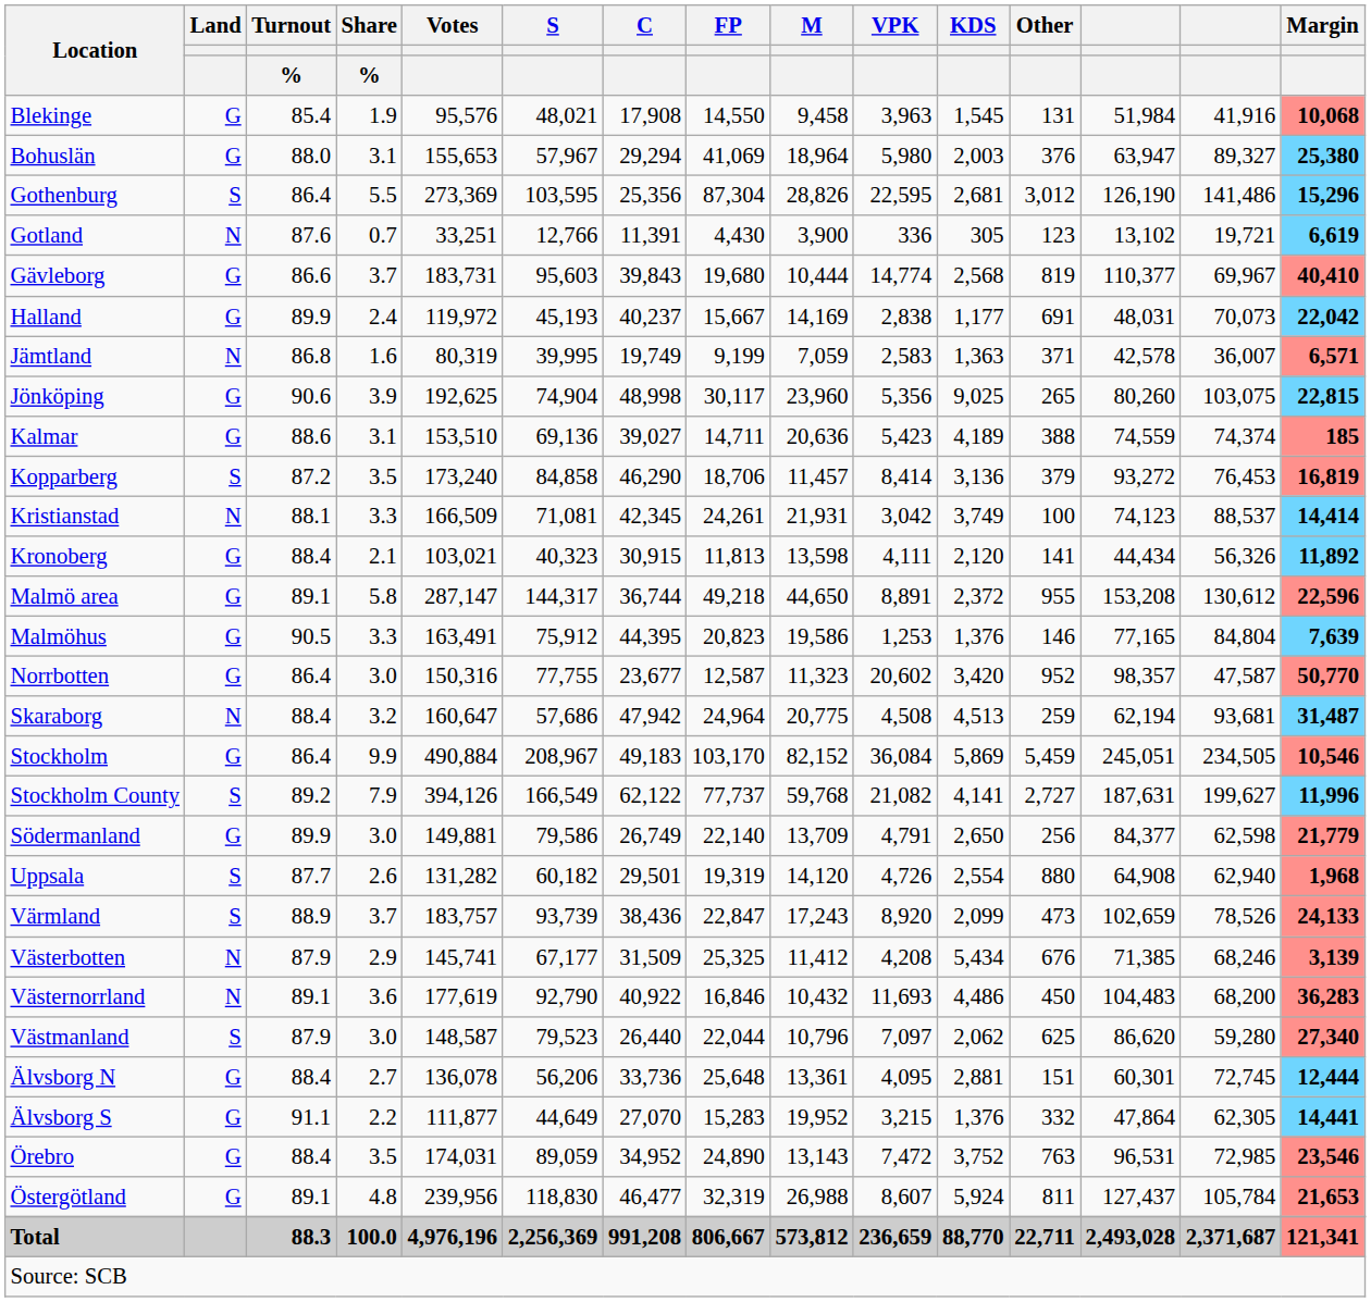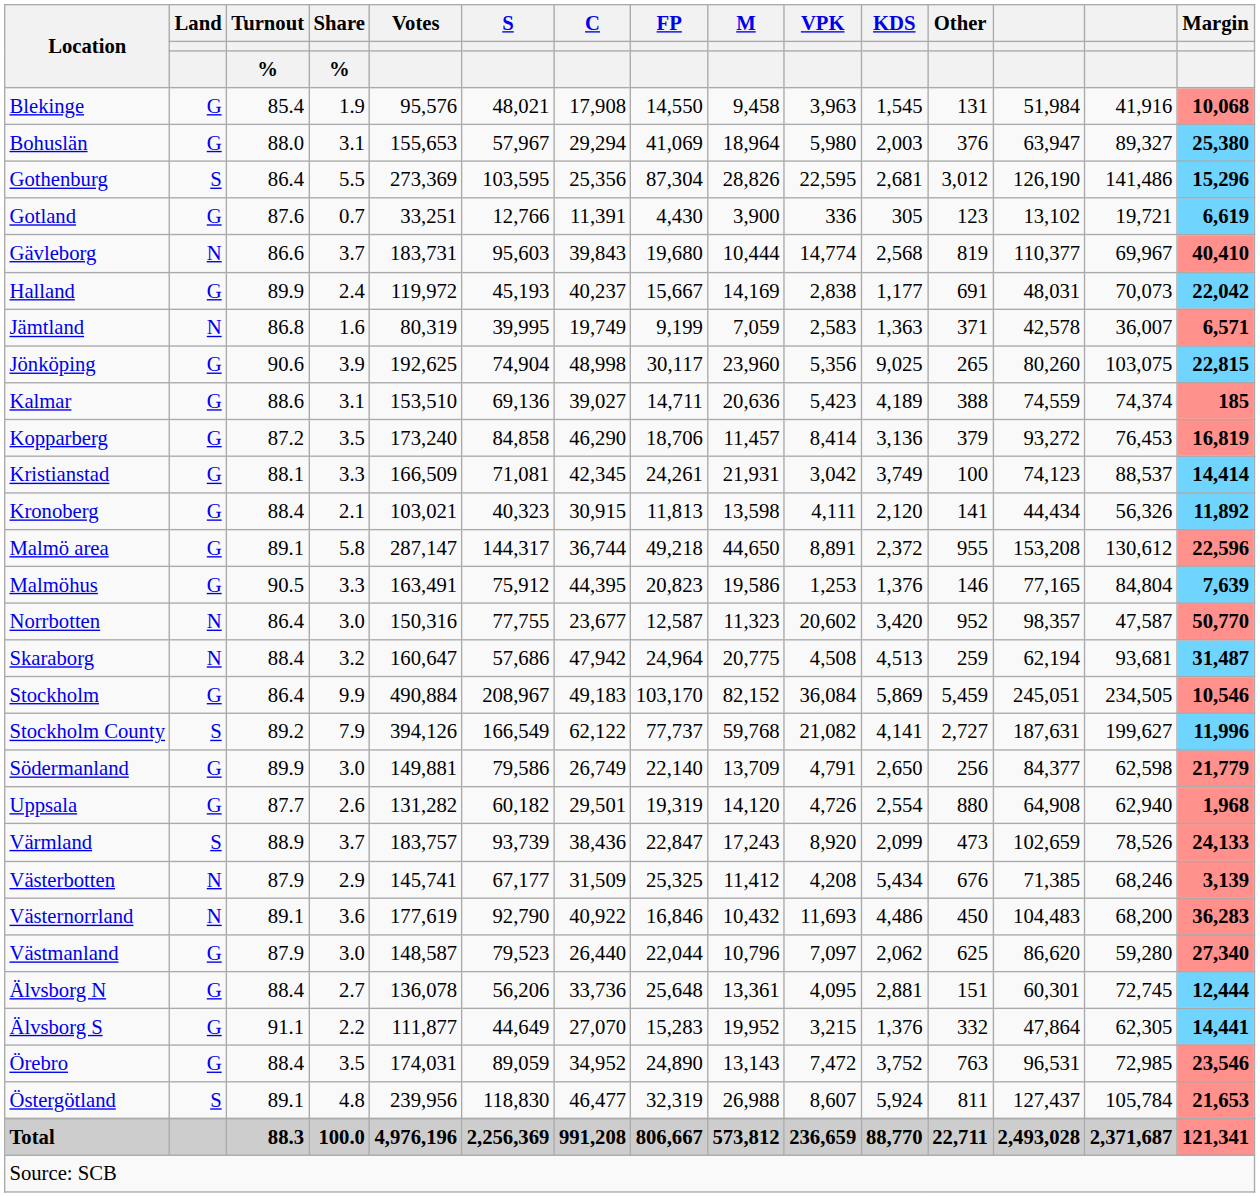 <table class="wikitable sortable" style="text-align:right; font-size:95%; line-height:20px;">
 <tr>
 <th rowspan="3">Location</th>
 <th>Land</th>
 <th>Turnout</th>
 <th>Share</th>
 <th>Votes</th>
 <th width="30px" class="unsortable"><a href='#'>S</a></th>
 <th width="30px" class="unsortable"><a href='#'>C</a></th>
 <th width="30px" class="unsortable"><a href='#'>FP</a></th>
 <th width="30px" class="unsortable"><a href='#'>M</a></th>
 <th width="30px" class="unsortable"><a href='#'>VPK</a></th>
 <th width="30px" class="unsortable"><a href='#'>KDS</a></th>
 <th width="30px" class="unsortable">Other</th>
 <th></th>
 <th></th>
 <th>Margin</th>
 </tr>
 <tr>
 <th></th>
 <th></th>
 <th></th>
 <th></th>
 <th style="background:"></th>
 <th style="background:"></th>
 <th style="background:"></th>
 <th style="background:"></th>
 <th style="background:"></th>
 <th style="background:"></th>
 <th style="background:"></th>
 <th style="background:"></th>
 <th style="background:"></th>
 <th></th>
 </tr>
 <tr>
 <th></th>
 <th data-sort-type="number">%</th>
 <th data-sort-type="number">%</th>
 <th></th>
 <th data-sort-type="number"></th>
 <th data-sort-type="number"></th>
 <th data-sort-type="number"></th>
 <th data-sort-type="number"></th>
 <th data-sort-type="number"></th>
 <th data-sort-type="number"></th>
 <th data-sort-type="number"></th>
 <th data-sort-type="number"></th>
 <th data-sort-type="number"></th>
 <th></th>
 </tr>
 <tr>
 <td align=left><a href='#'>Blekinge</a></td>
 <td><a href='#'>G</a></td>
 <td>85.4</td>
 <td>1.9</td>
 <td>95,576</td>
 <td>48,021</td>
 <td>17,908</td>
 <td>14,550</td>
 <td>9,458</td>
 <td>3,963</td>
 <td>1,545</td>
 <td>131</td>
 <td>51,984</td>
 <td>41,916</td>
 <td bgcolor=#ff908c><strong>10,068</strong></td>
 </tr>
 <tr>
 <td align=left><a href='#'>Bohuslän</a></td>
 <td><a href='#'>G</a></td>
 <td>88.0</td>
 <td>3.1</td>
 <td>155,653</td>
 <td>57,967</td>
 <td>29,294</td>
 <td>41,069</td>
 <td>18,964</td>
 <td>5,980</td>
 <td>2,003</td>
 <td>376</td>
 <td>63,947</td>
 <td>89,327</td>
 <td bgcolor=#6fd5fe><strong>25,380</strong></td>
 </tr>
 <tr>
 <td align=left><a href='#'>Gothenburg</a></td>
 <td><a href='#'>S</a></td>
 <td>86.4</td>
 <td>5.5</td>
 <td>273,369</td>
 <td>103,595</td>
 <td>25,356</td>
 <td>87,304</td>
 <td>28,826</td>
 <td>22,595</td>
 <td>2,681</td>
 <td>3,012</td>
 <td>126,190</td>
 <td>141,486</td>
 <td bgcolor=#6fd5fe><strong>15,296</strong></td>
 </tr>
 <tr>
 <td align=left><a href='#'>Gotland</a></td>
-<td><a href='#'>N</a></td>
+<td><a href='#'>G</a></td>
 <td>87.6</td>
 <td>0.7</td>
 <td>33,251</td>
 <td>12,766</td>
 <td>11,391</td>
 <td>4,430</td>
 <td>3,900</td>
 <td>336</td>
 <td>305</td>
 <td>123</td>
 <td>13,102</td>
 <td>19,721</td>
 <td bgcolor=#6fd5fe><strong>6,619</strong></td>
 </tr>
 <tr>
 <td align=left><a href='#'>Gävleborg</a></td>
-<td><a href='#'>G</a></td>
+<td><a href='#'>N</a></td>
 <td>86.6</td>
 <td>3.7</td>
 <td>183,731</td>
 <td>95,603</td>
 <td>39,843</td>
 <td>19,680</td>
 <td>10,444</td>
 <td>14,774</td>
 <td>2,568</td>
 <td>819</td>
 <td>110,377</td>
 <td>69,967</td>
 <td bgcolor=#ff908c><strong>40,410</strong></td>
 </tr>
 <tr>
 <td align=left><a href='#'>Halland</a></td>
 <td><a href='#'>G</a></td>
 <td>89.9</td>
 <td>2.4</td>
 <td>119,972</td>
 <td>45,193</td>
 <td>40,237</td>
 <td>15,667</td>
 <td>14,169</td>
 <td>2,838</td>
 <td>1,177</td>
 <td>691</td>
 <td>48,031</td>
 <td>70,073</td>
 <td bgcolor=#6fd5fe><strong>22,042</strong></td>
 </tr>
 <tr>
 <td align=left><a href='#'>Jämtland</a></td>
 <td><a href='#'>N</a></td>
 <td>86.8</td>
 <td>1.6</td>
 <td>80,319</td>
 <td>39,995</td>
 <td>19,749</td>
 <td>9,199</td>
 <td>7,059</td>
 <td>2,583</td>
 <td>1,363</td>
 <td>371</td>
 <td>42,578</td>
 <td>36,007</td>
 <td bgcolor=#ff908c><strong>6,571</strong></td>
 </tr>
 <tr>
 <td align=left><a href='#'>Jönköping</a></td>
 <td><a href='#'>G</a></td>
 <td>90.6</td>
 <td>3.9</td>
 <td>192,625</td>
 <td>74,904</td>
 <td>48,998</td>
 <td>30,117</td>
 <td>23,960</td>
 <td>5,356</td>
 <td>9,025</td>
 <td>265</td>
 <td>80,260</td>
 <td>103,075</td>
 <td bgcolor=#6fd5fe><strong>22,815</strong></td>
 </tr>
 <tr>
 <td align=left><a href='#'>Kalmar</a></td>
 <td><a href='#'>G</a></td>
 <td>88.6</td>
 <td>3.1</td>
 <td>153,510</td>
 <td>69,136</td>
 <td>39,027</td>
 <td>14,711</td>
 <td>20,636</td>
 <td>5,423</td>
 <td>4,189</td>
 <td>388</td>
 <td>74,559</td>
 <td>74,374</td>
 <td bgcolor=#ff908c><strong>185</strong></td>
 </tr>
 <tr>
 <td align=left><a href='#'>Kopparberg</a></td>
-<td><a href='#'>S</a></td>
+<td><a href='#'>G</a></td>
 <td>87.2</td>
 <td>3.5</td>
 <td>173,240</td>
 <td>84,858</td>
 <td>46,290</td>
 <td>18,706</td>
 <td>11,457</td>
 <td>8,414</td>
 <td>3,136</td>
 <td>379</td>
 <td>93,272</td>
 <td>76,453</td>
 <td bgcolor=#ff908c><strong>16,819</strong></td>
 </tr>
 <tr>
 <td align=left><a href='#'>Kristianstad</a></td>
-<td><a href='#'>N</a></td>
+<td><a href='#'>G</a></td>
 <td>88.1</td>
 <td>3.3</td>
 <td>166,509</td>
 <td>71,081</td>
 <td>42,345</td>
 <td>24,261</td>
 <td>21,931</td>
 <td>3,042</td>
 <td>3,749</td>
 <td>100</td>
 <td>74,123</td>
 <td>88,537</td>
 <td bgcolor=#6fd5fe><strong>14,414</strong></td>
 </tr>
 <tr>
 <td align=left><a href='#'>Kronoberg</a></td>
 <td><a href='#'>G</a></td>
 <td>88.4</td>
 <td>2.1</td>
 <td>103,021</td>
 <td>40,323</td>
 <td>30,915</td>
 <td>11,813</td>
 <td>13,598</td>
 <td>4,111</td>
 <td>2,120</td>
 <td>141</td>
 <td>44,434</td>
 <td>56,326</td>
 <td bgcolor=#6fd5fe><strong>11,892</strong></td>
 </tr>
 <tr>
 <td align=left><a href='#'>Malmö area</a></td>
 <td><a href='#'>G</a></td>
 <td>89.1</td>
 <td>5.8</td>
 <td>287,147</td>
 <td>144,317</td>
 <td>36,744</td>
 <td>49,218</td>
 <td>44,650</td>
 <td>8,891</td>
 <td>2,372</td>
 <td>955</td>
 <td>153,208</td>
 <td>130,612</td>
 <td bgcolor=#ff908c><strong>22,596</strong></td>
 </tr>
 <tr>
 <td align=left><a href='#'>Malmöhus</a></td>
 <td><a href='#'>G</a></td>
 <td>90.5</td>
 <td>3.3</td>
 <td>163,491</td>
 <td>75,912</td>
 <td>44,395</td>
 <td>20,823</td>
 <td>19,586</td>
 <td>1,253</td>
 <td>1,376</td>
 <td>146</td>
 <td>77,165</td>
 <td>84,804</td>
 <td bgcolor=#6fd5fe><strong>7,639</strong></td>
 </tr>
 <tr>
 <td align=left><a href='#'>Norrbotten</a></td>
-<td><a href='#'>G</a></td>
+<td><a href='#'>N</a></td>
 <td>86.4</td>
 <td>3.0</td>
 <td>150,316</td>
 <td>77,755</td>
 <td>23,677</td>
 <td>12,587</td>
 <td>11,323</td>
 <td>20,602</td>
 <td>3,420</td>
 <td>952</td>
 <td>98,357</td>
 <td>47,587</td>
 <td bgcolor=#ff908c><strong>50,770</strong></td>
 </tr>
 <tr>
 <td align=left><a href='#'>Skaraborg</a></td>
 <td><a href='#'>N</a></td>
 <td>88.4</td>
 <td>3.2</td>
 <td>160,647</td>
 <td>57,686</td>
 <td>47,942</td>
 <td>24,964</td>
 <td>20,775</td>
 <td>4,508</td>
 <td>4,513</td>
 <td>259</td>
 <td>62,194</td>
 <td>93,681</td>
 <td bgcolor=#6fd5fe><strong>31,487</strong></td>
 </tr>
 <tr>
 <td align=left><a href='#'>Stockholm</a></td>
 <td><a href='#'>G</a></td>
 <td>86.4</td>
 <td>9.9</td>
 <td>490,884</td>
 <td>208,967</td>
 <td>49,183</td>
 <td>103,170</td>
 <td>82,152</td>
 <td>36,084</td>
 <td>5,869</td>
 <td>5,459</td>
 <td>245,051</td>
 <td>234,505</td>
 <td bgcolor=#ff908c><strong>10,546</strong></td>
 </tr>
 <tr>
 <td align=left><a href='#'>Stockholm County</a></td>
 <td><a href='#'>S</a></td>
 <td>89.2</td>
 <td>7.9</td>
 <td>394,126</td>
 <td>166,549</td>
 <td>62,122</td>
 <td>77,737</td>
 <td>59,768</td>
 <td>21,082</td>
 <td>4,141</td>
 <td>2,727</td>
 <td>187,631</td>
 <td>199,627</td>
 <td bgcolor=#6fd5fe><strong>11,996</strong></td>
 </tr>
 <tr>
 <td align=left><a href='#'>Södermanland</a></td>
 <td><a href='#'>G</a></td>
 <td>89.9</td>
 <td>3.0</td>
 <td>149,881</td>
 <td>79,586</td>
 <td>26,749</td>
 <td>22,140</td>
 <td>13,709</td>
 <td>4,791</td>
 <td>2,650</td>
 <td>256</td>
 <td>84,377</td>
 <td>62,598</td>
 <td bgcolor=#ff908c><strong>21,779</strong></td>
 </tr>
 <tr>
 <td align=left><a href='#'>Uppsala</a></td>
-<td><a href='#'>S</a></td>
+<td><a href='#'>G</a></td>
 <td>87.7</td>
 <td>2.6</td>
 <td>131,282</td>
 <td>60,182</td>
 <td>29,501</td>
 <td>19,319</td>
 <td>14,120</td>
 <td>4,726</td>
 <td>2,554</td>
 <td>880</td>
 <td>64,908</td>
 <td>62,940</td>
 <td bgcolor=#ff908c><strong>1,968</strong></td>
 </tr>
 <tr>
 <td align=left><a href='#'>Värmland</a></td>
 <td><a href='#'>S</a></td>
 <td>88.9</td>
 <td>3.7</td>
 <td>183,757</td>
 <td>93,739</td>
 <td>38,436</td>
 <td>22,847</td>
 <td>17,243</td>
 <td>8,920</td>
 <td>2,099</td>
 <td>473</td>
 <td>102,659</td>
 <td>78,526</td>
 <td bgcolor=#ff908c><strong>24,133</strong></td>
 </tr>
 <tr>
 <td align=left><a href='#'>Västerbotten</a></td>
 <td><a href='#'>N</a></td>
 <td>87.9</td>
 <td>2.9</td>
 <td>145,741</td>
 <td>67,177</td>
 <td>31,509</td>
 <td>25,325</td>
 <td>11,412</td>
 <td>4,208</td>
 <td>5,434</td>
 <td>676</td>
 <td>71,385</td>
 <td>68,246</td>
 <td bgcolor=#ff908c><strong>3,139</strong></td>
 </tr>
 <tr>
 <td align=left><a href='#'>Västernorrland</a></td>
 <td><a href='#'>N</a></td>
 <td>89.1</td>
 <td>3.6</td>
 <td>177,619</td>
 <td>92,790</td>
 <td>40,922</td>
 <td>16,846</td>
 <td>10,432</td>
 <td>11,693</td>
 <td>4,486</td>
 <td>450</td>
 <td>104,483</td>
 <td>68,200</td>
 <td bgcolor=#ff908c><strong>36,283</strong></td>
 </tr>
 <tr>
 <td align=left><a href='#'>Västmanland</a></td>
-<td><a href='#'>S</a></td>
+<td><a href='#'>G</a></td>
 <td>87.9</td>
 <td>3.0</td>
 <td>148,587</td>
 <td>79,523</td>
 <td>26,440</td>
 <td>22,044</td>
 <td>10,796</td>
 <td>7,097</td>
 <td>2,062</td>
 <td>625</td>
 <td>86,620</td>
 <td>59,280</td>
 <td bgcolor=#ff908c><strong>27,340</strong></td>
 </tr>
 <tr>
 <td align=left><a href='#'>Älvsborg N</a></td>
 <td><a href='#'>G</a></td>
 <td>88.4</td>
 <td>2.7</td>
 <td>136,078</td>
 <td>56,206</td>
 <td>33,736</td>
 <td>25,648</td>
 <td>13,361</td>
 <td>4,095</td>
 <td>2,881</td>
 <td>151</td>
 <td>60,301</td>
 <td>72,745</td>
 <td bgcolor=#6fd5fe><strong>12,444</strong></td>
 </tr>
 <tr>
 <td align=left><a href='#'>Älvsborg S</a></td>
 <td><a href='#'>G</a></td>
 <td>91.1</td>
 <td>2.2</td>
 <td>111,877</td>
 <td>44,649</td>
 <td>27,070</td>
 <td>15,283</td>
 <td>19,952</td>
 <td>3,215</td>
 <td>1,376</td>
 <td>332</td>
 <td>47,864</td>
 <td>62,305</td>
 <td bgcolor=#6fd5fe><strong>14,441</strong></td>
 </tr>
 <tr>
 <td align=left><a href='#'>Örebro</a></td>
 <td><a href='#'>G</a></td>
 <td>88.4</td>
 <td>3.5</td>
 <td>174,031</td>
 <td>89,059</td>
 <td>34,952</td>
 <td>24,890</td>
 <td>13,143</td>
 <td>7,472</td>
 <td>3,752</td>
 <td>763</td>
 <td>96,531</td>
 <td>72,985</td>
 <td bgcolor=#ff908c><strong>23,546</strong></td>
 </tr>
 <tr>
 <td align=left><a href='#'>Östergötland</a></td>
-<td><a href='#'>G</a></td>
+<td><a href='#'>S</a></td>
 <td>89.1</td>
 <td>4.8</td>
 <td>239,956</td>
 <td>118,830</td>
 <td>46,477</td>
 <td>32,319</td>
 <td>26,988</td>
 <td>8,607</td>
 <td>5,924</td>
 <td>811</td>
 <td>127,437</td>
 <td>105,784</td>
 <td bgcolor=#ff908c><strong>21,653</strong></td>
 </tr>
 <tr>
 </tr>
 <tr style="background:#CDCDCD;">
 <td align=left><strong>Total</strong></td>
 <td></td>
 <td><strong>88.3</strong></td>
 <td><strong>100.0</strong></td>
 <td><strong>4,976,196</strong></td>
 <td><strong>2,256,369</strong></td>
 <td><strong>991,208</strong></td>
 <td><strong>806,667</strong></td>
 <td><strong>573,812</strong></td>
 <td><strong>236,659</strong></td>
 <td><strong>88,770</strong></td>
 <td><strong>22,711</strong></td>
 <td><strong>2,493,028</strong></td>
 <td><strong>2,371,687</strong></td>
 <td bgcolor=#ff908c><strong>121,341</strong></td>
 </tr>
 <tr>
 <td align=left colspan=15>Source: SCB </td>
 </tr>
 </table>
